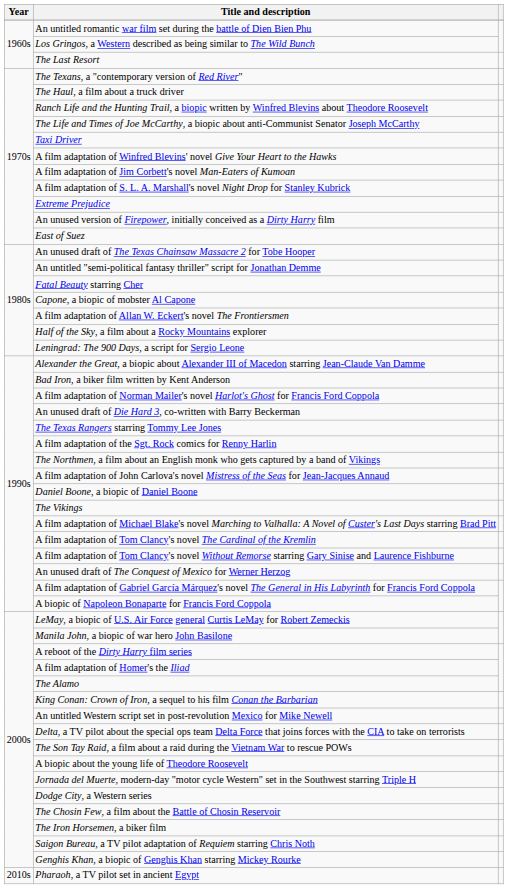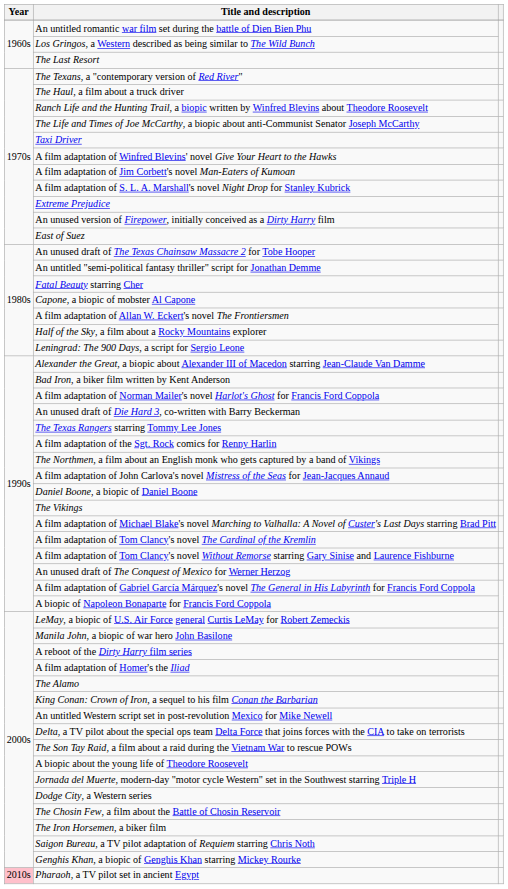 <table class="wikitable plainrowheaders">
 <tr>
 <th scope="col">Year</th>
 <th scope="col">Title and description</th>
 <th scope="col"></th>
 </tr>
 <tr>
 </tr>
 <tr>
 <td rowspan="3">1960s</td>
 <td>An untitled romantic <a href='#'>war film</a> set during the <a href='#'>battle of Dien Bien Phu</a></td>
 <td rowspan="2"></td>
 </tr>
 <tr>
 <td><em>Los Gringos</em>, a <a href='#'>Western</a> described as being similar to <em><a href='#'>The Wild Bunch</a></em></td>
 </tr>
 <tr>
 <td><em>The Last Resort</em></td>
 <td></td>
 </tr>
 <tr>
 <td rowspan="11">1970s</td>
 <td><em>The Texans</em>, a "contemporary version of <em><a href='#'>Red River</a></em>"</td>
 <td></td>
 </tr>
 <tr>
 <td><em>The Haul</em>, a film about a truck driver</td>
 <td></td>
 </tr>
 <tr>
 <td><em>Ranch Life and the Hunting Trail</em>, a <a href='#'>biopic</a> written by <a href='#'>Winfred Blevins</a> about <a href='#'>Theodore Roosevelt</a></td>
 <td></td>
 </tr>
 <tr>
 <td><em>The Life and Times of Joe McCarthy</em>, a biopic about anti-Communist Senator <a href='#'>Joseph McCarthy</a></td>
 <td></td>
 </tr>
 <tr>
 <td><em><a href='#'>Taxi Driver</a></em></td>
 <td></td>
 </tr>
 <tr>
 <td>A film adaptation of <a href='#'>Winfred Blevins</a>' novel <em>Give Your Heart to the Hawks</em></td>
 <td></td>
 </tr>
 <tr>
 <td>A film adaptation of <a href='#'>Jim Corbett</a>'s novel <em>Man-Eaters of Kumoan</em></td>
 <td></td>
 </tr>
 <tr>
 <td>A film adaptation of <a href='#'>S. L. A. Marshall</a>'s novel <em>Night Drop</em> for <a href='#'>Stanley Kubrick</a></td>
 <td></td>
 </tr>
 <tr>
 <td><em><a href='#'>Extreme Prejudice</a></em></td>
 <td></td>
 </tr>
 <tr>
 <td>An unused version of <em><a href='#'>Firepower</a></em>, initially conceived as a <em><a href='#'>Dirty Harry</a></em> film</td>
 <td></td>
 </tr>
 <tr>
 <td><em>East of Suez</em></td>
 <td></td>
 </tr>
 <tr>
 <td rowspan="7">1980s</td>
 <td>An unused draft of <em><a href='#'>The Texas Chainsaw Massacre 2</a></em> for <a href='#'>Tobe Hooper</a></td>
 <td></td>
 </tr>
 <tr>
 <td>An untitled "semi-political fantasy thriller" script for <a href='#'>Jonathan Demme</a></td>
 <td></td>
 </tr>
 <tr>
 <td><em><a href='#'>Fatal Beauty</a></em> starring <a href='#'>Cher</a></td>
 <td></td>
 </tr>
 <tr>
 <td><em>Capone</em>, a biopic of mobster <a href='#'>Al Capone</a></td>
 <td></td>
 </tr>
 <tr>
 <td>A film adaptation of <a href='#'>Allan W. Eckert</a>'s novel <em>The Frontiersmen</em></td>
 <td rowspan="2"></td>
 </tr>
 <tr>
 <td><em>Half of the Sky</em>, a film about a <a href='#'>Rocky Mountains</a> explorer</td>
 </tr>
 <tr>
 <td><em>Leningrad: The 900 Days</em>, a script for <a href='#'>Sergio Leone</a></td>
 <td></td>
 </tr>
 <tr>
 <td rowspan="16">1990s</td>
 <td><em>Alexander the Great</em>, a biopic about <a href='#'>Alexander III of Macedon</a> starring <a href='#'>Jean-Claude Van Damme</a></td>
 <td></td>
 </tr>
 <tr>
 <td><em>Bad Iron</em>, a biker film written by Kent Anderson</td>
 <td></td>
 </tr>
 <tr>
 <td>A film adaptation of <a href='#'>Norman Mailer</a>'s novel <em><a href='#'>Harlot's Ghost</a></em> for <a href='#'>Francis Ford Coppola</a></td>
 <td></td>
 </tr>
 <tr>
 <td>An unused draft of <em><a href='#'>Die Hard 3</a></em>, co-written with Barry Beckerman</td>
 <td></td>
 </tr>
 <tr>
 <td><em><a href='#'>The Texas Rangers</a></em> starring <a href='#'>Tommy Lee Jones</a></td>
 <td></td>
 </tr>
 <tr>
 <td>A film adaptation of the <a href='#'>Sgt. Rock</a> comics for <a href='#'>Renny Harlin</a></td>
 <td></td>
 </tr>
 <tr>
 <td><em>The Northmen</em>, a film about an English monk who gets captured by a band of <a href='#'>Vikings</a></td>
 <td></td>
 </tr>
 <tr>
 <td>A film adaptation of John Carlova's novel <em><a href='#'>Mistress of the Seas</a></em> for <a href='#'>Jean-Jacques Annaud</a></td>
 <td></td>
 </tr>
 <tr>
 <td><em>Daniel Boone</em>, a biopic of <a href='#'>Daniel Boone</a></td>
 <td></td>
 </tr>
 <tr>
 <td><em>The Vikings</em></td>
 <td></td>
 </tr>
 <tr>
 <td>A film adaptation of <a href='#'>Michael Blake</a>'s novel <em>Marching to Valhalla: A Novel of <a href='#'>Custer</a>'s Last Days</em> starring <a href='#'>Brad Pitt</a></td>
 <td></td>
 </tr>
 <tr>
 <td>A film adaptation of <a href='#'>Tom Clancy</a>'s novel <em><a href='#'>The Cardinal of the Kremlin</a></em></td>
 <td></td>
 </tr>
 <tr>
 <td>A film adaptation of <a href='#'>Tom Clancy</a>'s novel <em><a href='#'>Without Remorse</a></em> starring <a href='#'>Gary Sinise</a> and <a href='#'>Laurence Fishburne</a></td>
 <td></td>
 </tr>
 <tr>
 <td>An unused draft of <em>The Conquest of Mexico</em> for <a href='#'>Werner Herzog</a></td>
 <td></td>
 </tr>
 <tr>
 <td>A film adaptation of <a href='#'>Gabriel García Márquez</a>'s novel <em><a href='#'>The General in His Labyrinth</a></em> for <a href='#'>Francis Ford Coppola</a></td>
 <td rowspan="2"></td>
 </tr>
 <tr>
 <td>A biopic of <a href='#'>Napoleon Bonaparte</a> for <a href='#'>Francis Ford Coppola</a></td>
 </tr>
 <tr>
 <td rowspan="16">2000s</td>
 <td><em>LeMay</em>, a biopic of <a href='#'>U.S. Air Force</a> <a href='#'>general</a> <a href='#'>Curtis LeMay</a> for <a href='#'>Robert Zemeckis</a></td>
 <td rowspan="2"></td>
 </tr>
 <tr>
 <td><em>Manila John</em>, a biopic of war hero <a href='#'>John Basilone</a></td>
 </tr>
 <tr>
 <td>A reboot of the <a href='#'><em>Dirty Harry</em> film series</a></td>
 <td rowspan="3"></td>
 </tr>
 <tr>
 <td>A film adaptation of <a href='#'>Homer</a>'s the <em><a href='#'>Iliad</a></em></td>
 </tr>
 <tr>
 <td><em>The Alamo</em></td>
 </tr>
 <tr>
 <td><em>King Conan: Crown of Iron</em>, a sequel to his film <em><a href='#'>Conan the Barbarian</a></em></td>
 <td></td>
 </tr>
 <tr>
 <td>An untitled Western script set in post-revolution <a href='#'>Mexico</a> for <a href='#'>Mike Newell</a></td>
 <td></td>
 </tr>
 <tr>
 <td><em>Delta</em>, a TV pilot about the special ops team <a href='#'>Delta Force</a> that joins forces with the <a href='#'>CIA</a> to take on terrorists</td>
 <td></td>
 </tr>
 <tr>
 <td><em>The Son Tay Raid</em>, a film about a raid during the <a href='#'>Vietnam War</a> to rescue POWs</td>
 <td></td>
 </tr>
 <tr>
 <td>A biopic about the young life of <a href='#'>Theodore Roosevelt</a></td>
 <td></td>
 </tr>
 <tr>
 <td><em>Jornada del Muerte</em>, modern-day "motor cycle Western" set in the Southwest starring <a href='#'>Triple H</a></td>
 <td></td>
 </tr>
 <tr>
 <td><em>Dodge City</em>, a Western series</td>
 <td></td>
 </tr>
 <tr>
 <td><em>The Chosin Few</em>, a film about the <a href='#'>Battle of Chosin Reservoir</a></td>
 <td></td>
 </tr>
 <tr>
 <td><em>The Iron Horsemen</em>, a biker film</td>
 <td></td>
 </tr>
 <tr>
 <td><em>Saigon Bureau</em>, a TV pilot adaptation of <em>Requiem</em> starring <a href='#'>Chris Noth</a></td>
 <td></td>
 </tr>
 <tr>
 <td><em>Genghis Khan</em>, a biopic of <a href='#'>Genghis Khan</a> starring <a href='#'>Mickey Rourke</a></td>
 <td></td>
 </tr>
 <tr>
-<td rowspan="1">2010s</td>
+<td rowspan="1" style="background: pink;">2010s</td>
 <td><em>Pharaoh</em>, a TV pilot set in ancient <a href='#'>Egypt</a></td>
 <td></td>
 </tr>
 </table>
